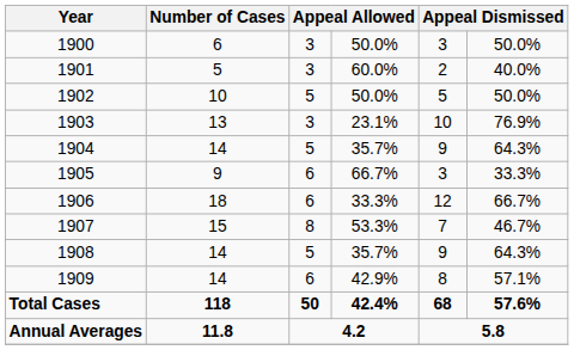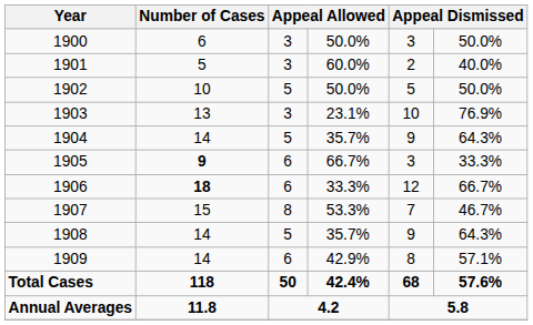 <table class="wikitable sortable">
 <tr>
 <th>Year</th>
 <th>Number of Cases</th>
 <th colspan=2>Appeal Allowed</th>
 <th colspan=2>Appeal Dismissed</th>
 </tr>
 <tr>
 <td style="text-align: center;">1900</td>
 <td style="text-align: center;">6</td>
 <td style="text-align: center;">3</td>
 <td style="text-align: center;">50.0%</td>
 <td style="text-align: center;">3</td>
 <td style="text-align: center;">50.0%</td>
 </tr>
 <tr>
 <td style="text-align: center;">1901</td>
 <td style="text-align: center;">5</td>
 <td style="text-align: center;">3</td>
 <td style="text-align: center;">60.0%</td>
 <td style="text-align: center;">2</td>
 <td style="text-align: center;">40.0%</td>
 </tr>
 <tr>
 <td style="text-align: center;">1902</td>
 <td style="text-align: center;">10</td>
 <td style="text-align: center;">5</td>
 <td style="text-align: center;">50.0%</td>
 <td style="text-align: center;">5</td>
 <td style="text-align: center;">50.0%</td>
 </tr>
 <tr>
 <td style="text-align: center;">1903</td>
 <td style="text-align: center;">13</td>
 <td style="text-align: center;">3</td>
 <td style="text-align: center;">23.1%</td>
 <td style="text-align: center;">10</td>
 <td style="text-align: center;">76.9%</td>
 </tr>
 <tr>
 <td style="text-align: center;">1904</td>
 <td style="text-align: center;">14</td>
 <td style="text-align: center;">5</td>
 <td style="text-align: center;">35.7%</td>
 <td style="text-align: center;">9</td>
 <td style="text-align: center;">64.3%</td>
 </tr>
 <tr>
 <td style="text-align: center;">1905</td>
-<td style="text-align: center;">9</td>
+<td style="text-align: center;"><strong>9</strong></td>
 <td style="text-align: center;">6</td>
 <td style="text-align: center;">66.7%</td>
 <td style="text-align: center;">3</td>
 <td style="text-align: center;">33.3%</td>
 </tr>
 <tr>
 <td style="text-align: center;">1906</td>
-<td style="text-align: center;">18</td>
+<td style="text-align: center;"><strong>18</strong></td>
 <td style="text-align: center;">6</td>
 <td style="text-align: center;">33.3%</td>
 <td style="text-align: center;">12</td>
 <td style="text-align: center;">66.7%</td>
 </tr>
 <tr>
 <td style="text-align: center;">1907</td>
 <td style="text-align: center;">15</td>
 <td style="text-align: center;">8</td>
 <td style="text-align: center;">53.3%</td>
 <td style="text-align: center;">7</td>
 <td style="text-align: center;">46.7%</td>
 </tr>
 <tr>
 <td style="text-align: center;">1908</td>
 <td style="text-align: center;">14</td>
 <td style="text-align: center;">5</td>
 <td style="text-align: center;">35.7%</td>
 <td style="text-align: center;">9</td>
 <td style="text-align: center;">64.3%</td>
 </tr>
 <tr>
 <td style="text-align: center;">1909</td>
 <td style="text-align: center;">14</td>
 <td style="text-align: center;">6</td>
 <td style="text-align: center;">42.9%</td>
 <td style="text-align: center;">8</td>
 <td style="text-align: center;">57.1%</td>
 </tr>
 <tr>
 <td><strong>Total Cases</strong></td>
 <td style="text-align: center;"><strong>118</strong></td>
 <td style="text-align: center;"><strong>50</strong></td>
 <td style="text-align: center;"><strong>42.4%</strong></td>
 <td style="text-align: center;"><strong>68</strong></td>
 <td style="text-align: center;"><strong>57.6%</strong></td>
 </tr>
 <tr>
 <td><strong>Annual Averages</strong></td>
 <td style="text-align: center;"><strong>11.8</strong></td>
 <td colspan=2 style="text-align: center;"><strong>4.2</strong></td>
 <td colspan=2 style="text-align:center;"><strong>5.8</strong></td>
 </tr>
 <tr>
 </tr>
 </table>
